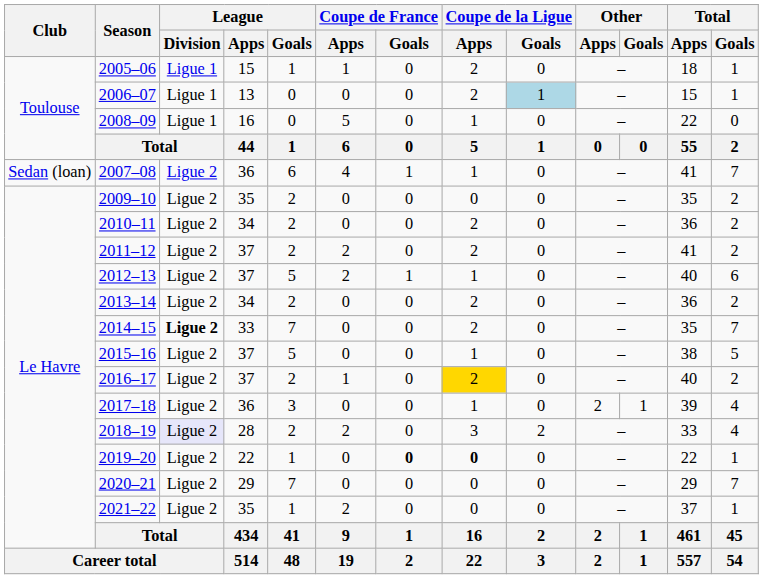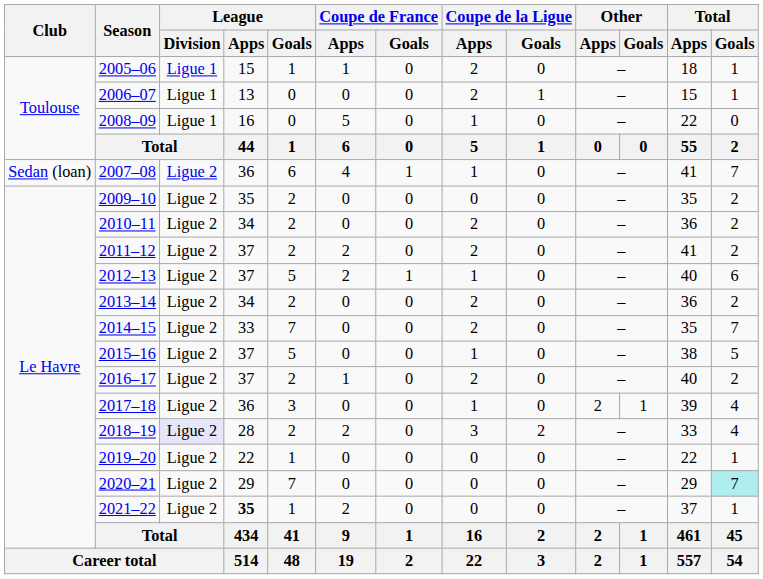 <table class="wikitable" style="text-align:center">
 <tr>
 <th rowspan="2">Club</th>
 <th rowspan="2">Season</th>
 <th colspan="3">League</th>
 <th colspan="2"><a href='#'>Coupe de France</a></th>
 <th colspan="2"><a href='#'>Coupe de la Ligue</a></th>
 <th colspan="2">Other</th>
 <th colspan="2">Total</th>
 </tr>
 <tr>
 <th>Division</th>
 <th>Apps</th>
 <th>Goals</th>
 <th>Apps</th>
 <th>Goals</th>
 <th>Apps</th>
 <th>Goals</th>
 <th>Apps</th>
 <th>Goals</th>
 <th>Apps</th>
 <th>Goals</th>
 </tr>
 <tr>
 <td rowspan="4"><a href='#'>Toulouse</a></td>
 <td><a href='#'>2005–06</a></td>
 <td><a href='#'>Ligue 1</a></td>
 <td>15</td>
 <td>1</td>
 <td>1</td>
 <td>0</td>
 <td>2</td>
 <td>0</td>
 <td colspan="2">–</td>
 <td>18</td>
 <td>1</td>
 </tr>
 <tr>
 <td><a href='#'>2006–07</a></td>
 <td>Ligue 1</td>
 <td>13</td>
 <td>0</td>
 <td>0</td>
 <td>0</td>
 <td>2</td>
-<td style="background: lightblue;">1</td>
+<td>1</td>
 <td colspan="2">–</td>
 <td>15</td>
 <td>1</td>
 </tr>
 <tr>
 <td><a href='#'>2008–09</a></td>
 <td>Ligue 1</td>
 <td>16</td>
 <td>0</td>
 <td>5</td>
 <td>0</td>
 <td>1</td>
 <td>0</td>
 <td colspan="2">–</td>
 <td>22</td>
 <td>0</td>
 </tr>
 <tr>
 <th colspan="2">Total</th>
 <th>44</th>
 <th>1</th>
 <th>6</th>
 <th>0</th>
 <th>5</th>
 <th>1</th>
 <th>0</th>
 <th>0</th>
 <th>55</th>
 <th>2</th>
 </tr>
 <tr>
 <td><a href='#'>Sedan</a> (loan)</td>
 <td><a href='#'>2007–08</a></td>
 <td><a href='#'>Ligue 2</a></td>
 <td>36</td>
 <td>6</td>
 <td>4</td>
 <td>1</td>
 <td>1</td>
 <td>0</td>
 <td colspan="2">–</td>
 <td>41</td>
 <td>7</td>
 </tr>
 <tr>
 <td rowspan="14"><a href='#'>Le Havre</a></td>
 <td><a href='#'>2009–10</a></td>
 <td>Ligue 2</td>
 <td>35</td>
 <td>2</td>
 <td>0</td>
 <td>0</td>
 <td>0</td>
 <td>0</td>
 <td colspan="2">–</td>
 <td>35</td>
 <td>2</td>
 </tr>
 <tr>
 <td><a href='#'>2010–11</a></td>
 <td>Ligue 2</td>
 <td>34</td>
 <td>2</td>
 <td>0</td>
 <td>0</td>
 <td>2</td>
 <td>0</td>
 <td colspan="2">–</td>
 <td>36</td>
 <td>2</td>
 </tr>
 <tr>
 <td><a href='#'>2011–12</a></td>
 <td>Ligue 2</td>
 <td>37</td>
 <td>2</td>
 <td>2</td>
 <td>0</td>
 <td>2</td>
 <td>0</td>
 <td colspan="2">–</td>
 <td>41</td>
 <td>2</td>
 </tr>
 <tr>
 <td><a href='#'>2012–13</a></td>
 <td>Ligue 2</td>
 <td>37</td>
 <td>5</td>
 <td>2</td>
 <td>1</td>
 <td>1</td>
 <td>0</td>
 <td colspan="2">–</td>
 <td>40</td>
 <td>6</td>
 </tr>
 <tr>
 <td><a href='#'>2013–14</a></td>
 <td>Ligue 2</td>
 <td>34</td>
 <td>2</td>
 <td>0</td>
 <td>0</td>
 <td>2</td>
 <td>0</td>
 <td colspan="2">–</td>
 <td>36</td>
 <td>2</td>
 </tr>
 <tr>
 <td><a href='#'>2014–15</a></td>
-<td><strong>Ligue 2</strong></td>
+<td>Ligue 2</td>
 <td>33</td>
 <td>7</td>
 <td>0</td>
 <td>0</td>
 <td>2</td>
 <td>0</td>
 <td colspan="2">–</td>
 <td>35</td>
 <td>7</td>
 </tr>
 <tr>
 <td><a href='#'>2015–16</a></td>
 <td>Ligue 2</td>
 <td>37</td>
 <td>5</td>
 <td>0</td>
 <td>0</td>
 <td>1</td>
 <td>0</td>
 <td colspan="2">–</td>
 <td>38</td>
 <td>5</td>
 </tr>
 <tr>
 <td><a href='#'>2016–17</a></td>
 <td>Ligue 2</td>
 <td>37</td>
 <td>2</td>
 <td>1</td>
 <td>0</td>
-<td style="background: gold;">2</td>
+<td>2</td>
 <td>0</td>
 <td colspan="2">–</td>
 <td>40</td>
 <td>2</td>
 </tr>
 <tr>
 <td><a href='#'>2017–18</a></td>
 <td>Ligue 2</td>
 <td>36</td>
 <td>3</td>
 <td>0</td>
 <td>0</td>
 <td>1</td>
 <td>0</td>
 <td>2</td>
 <td>1</td>
 <td>39</td>
 <td>4</td>
 </tr>
 <tr>
 <td><a href='#'>2018–19</a></td>
 <td style="background: lavender;">Ligue 2</td>
 <td>28</td>
 <td>2</td>
 <td>2</td>
 <td>0</td>
 <td>3</td>
 <td>2</td>
 <td colspan="2">–</td>
 <td>33</td>
 <td>4</td>
 </tr>
 <tr>
 <td><a href='#'>2019–20</a></td>
 <td>Ligue 2</td>
 <td>22</td>
 <td>1</td>
 <td>0</td>
-<td><strong>0</strong></td>
-<td><strong>0</strong></td>
+<td>0</td>
+<td>0</td>
 <td>0</td>
 <td colspan="2">–</td>
 <td>22</td>
 <td>1</td>
 </tr>
 <tr>
 <td><a href='#'>2020–21</a></td>
 <td>Ligue 2</td>
 <td>29</td>
 <td>7</td>
 <td>0</td>
 <td>0</td>
 <td>0</td>
 <td>0</td>
 <td colspan="2">–</td>
 <td>29</td>
-<td>7</td>
+<td style="background: paleturquoise;">7</td>
 </tr>
 <tr>
 <td><a href='#'>2021–22</a></td>
 <td>Ligue 2</td>
-<td>35</td>
+<td><strong>35</strong></td>
 <td>1</td>
 <td>2</td>
 <td>0</td>
 <td>0</td>
 <td>0</td>
 <td colspan="2">–</td>
 <td>37</td>
 <td>1</td>
 </tr>
 <tr>
 <th colspan="2">Total</th>
 <th>434</th>
 <th>41</th>
 <th>9</th>
 <th>1</th>
 <th>16</th>
 <th>2</th>
 <th>2</th>
 <th>1</th>
 <th>461</th>
 <th>45</th>
 </tr>
 <tr>
 <th colspan="3">Career total</th>
 <th>514</th>
 <th>48</th>
 <th>19</th>
 <th>2</th>
 <th>22</th>
 <th>3</th>
 <th>2</th>
 <th>1</th>
 <th>557</th>
 <th>54</th>
 </tr>
 </table>
